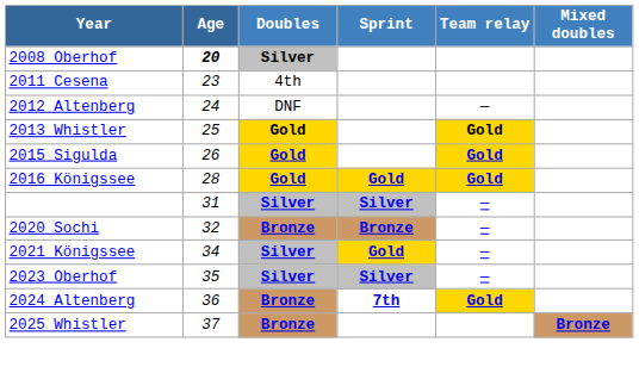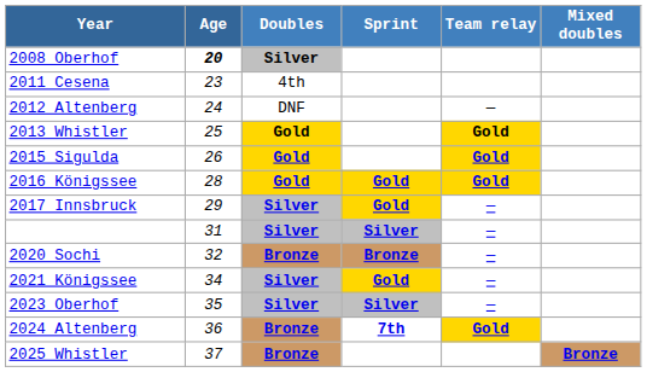 <table class="wikitable" style="font-size:95%; text-align:center; border:grey solid 1px; border-collapse:collapse; background:#ffffff;">
 <tr>
 <th style="background-color:#369; color:white; width:140px;">Year</th>
 <th style="background-color:#369; color:white; width:40px;">Age</th>
 <th style="background-color:#4180be; color:white; width:75px;">Doubles</th>
 <th style="background-color:#4180be; color:white; width:75px;">Sprint</th>
 <th style="background-color:#4180be; color:white; width:75px;">Team relay</th>
 <th style="background-color:#4180be; color:white; width:75px;">Mixed doubles</th>
 </tr>
 <tr>
 <td style="text-align:left"> <a href='#'>2008 Oberhof</a></td>
 <td><strong><em>20</em></strong></td>
 <td style="background:silver"><strong>Silver</strong></td>
 <td></td>
 <td></td>
 <td></td>
 </tr>
 <tr>
 <td align=left> <a href='#'>2011 Cesena</a></td>
 <td><em>23</em></td>
 <td>4th</td>
 <td></td>
 <td></td>
 <td></td>
 </tr>
 <tr>
 <td align=left> <a href='#'>2012 Altenberg</a></td>
 <td><em>24</em></td>
 <td>DNF</td>
 <td></td>
 <td>—</td>
 <td></td>
 </tr>
 <tr>
 <td align=left> <a href='#'>2013 Whistler</a></td>
 <td><em>25</em></td>
 <td style="background:gold;"><strong>Gold</strong></td>
 <td></td>
 <td style="background:gold;"><strong>Gold</strong></td>
 <td></td>
 </tr>
 <tr>
 <td align=left> <a href='#'>2015 Sigulda</a></td>
 <td><em>26</em></td>
 <td style="background:gold;"><a href='#'><strong>Gold</strong></a></td>
 <td></td>
 <td style="background:gold;"><a href='#'><strong>Gold</strong></a></td>
 <td></td>
 </tr>
 <tr>
 <td align=left> <a href='#'>2016 Königssee</a></td>
 <td><em>28</em></td>
 <td style="background:gold;"><a href='#'><strong>Gold</strong></a></td>
 <td style="background:gold;"><a href='#'><strong>Gold</strong></a></td>
 <td style="background:gold;"><a href='#'><strong>Gold</strong></a></td>
 <td></td>
 </tr>
 <tr>
+<td align=left> <a href='#'>2017 Innsbruck</a></td>
+<td><em>29</em></td>
+<td style="background:silver;"><a href='#'><strong>Silver</strong></a></td>
+<td style="background:gold;"><a href='#'><strong>Gold</strong></a></td>
+<td><a href='#'>—</a></td>
+<td></td>
+</tr>
+<tr>
 <td align=left> </td>
 <td><em>31</em></td>
 <td style="background:silver;"><a href='#'><strong>Silver</strong></a></td>
 <td style="background:silver;"><a href='#'><strong>Silver</strong></a></td>
 <td><a href='#'>—</a></td>
 <td></td>
 </tr>
 <tr>
 <td align=left> <a href='#'>2020 Sochi</a></td>
 <td><em>32</em></td>
 <td style="background:#cc9966;"><a href='#'><strong>Bronze</strong></a></td>
 <td style="background:#cc9966;"><a href='#'><strong>Bronze</strong></a></td>
 <td><a href='#'>—</a></td>
 <td></td>
 </tr>
 <tr>
 <td align=left> <a href='#'>2021 Königssee</a></td>
 <td><em>34</em></td>
 <td style="background:silver"><a href='#'><strong>Silver</strong></a></td>
 <td style="background:gold;"><a href='#'><strong>Gold</strong></a></td>
 <td><a href='#'>—</a></td>
 <td></td>
 </tr>
 <tr>
 <td align=left> <a href='#'>2023 Oberhof</a></td>
 <td><em>35</em></td>
 <td style="background:silver"><a href='#'><strong>Silver</strong></a></td>
 <td style="background:silver;"><a href='#'><strong>Silver</strong></a></td>
 <td><a href='#'>—</a></td>
 <td></td>
 </tr>
 <tr>
 <td align=left> <a href='#'>2024 Altenberg</a></td>
 <td><em>36</em></td>
 <td style="background:#cc9966;"><a href='#'><strong>Bronze</strong></a></td>
 <td><strong><a href='#'>7th</a></strong></td>
 <td style="background:gold;"><a href='#'><strong>Gold</strong></a></td>
 <td></td>
 </tr>
 <tr>
 <td style="text-align:left"> <a href='#'>2025 Whistler</a></td>
 <td><em>37</em></td>
 <td style="background:#cc9966;"><a href='#'><strong>Bronze</strong></a></td>
 <td></td>
 <td></td>
 <td style="background:#CC9966"><a href='#'><strong>Bronze</strong></a></td>
 </tr>
 </table>
